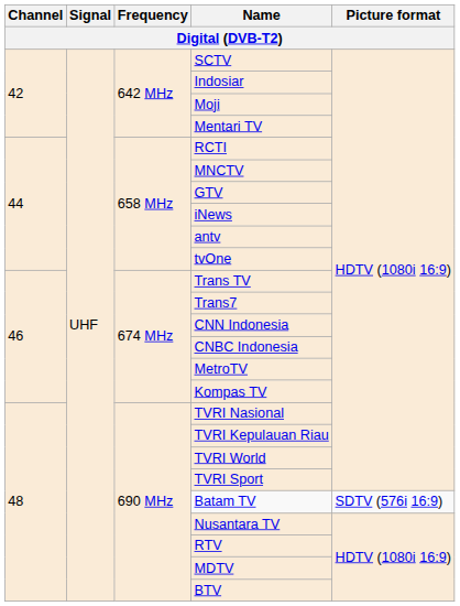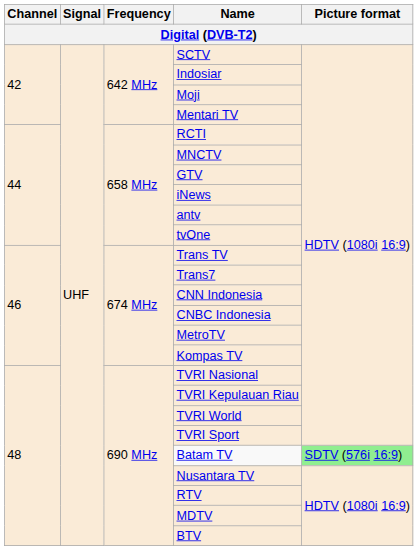 <table class="wikitable">
 <tr>
 <th>Channel</th>
 <th>Signal</th>
 <th>Frequency</th>
 <th>Name</th>
 <th>Picture format</th>
 </tr>
 <tr>
 <th colspan=5><a href='#'>Digital</a> (<a href='#'>DVB-T2</a>)</th>
 </tr>
 <tr style="background:#faebd7">
 <td rowspan=4>42</td>
 <td rowspan="25">UHF</td>
 <td rowspan=4>642 <a href='#'>MHz</a></td>
 <td><a href='#'>SCTV</a></td>
 <td rowspan="20"><a href='#'>HDTV</a> (<a href='#'>1080i</a> <a href='#'>16:9</a>)</td>
 </tr>
 <tr style="background:#faebd7">
 <td><a href='#'>Indosiar</a></td>
 </tr>
 <tr style="background:#faebd7">
 <td><a href='#'>Moji</a></td>
 </tr>
 <tr style="background:#faebd7">
 <td><a href='#'>Mentari TV</a></td>
 </tr>
 <tr style="background:#faebd7">
 <td rowspan="6">44</td>
 <td rowspan="6">658 <a href='#'>MHz</a></td>
 <td><a href='#'>RCTI</a></td>
 </tr>
 <tr style="background:#faebd7">
 <td><a href='#'>MNCTV</a></td>
 </tr>
 <tr style="background:#faebd7">
 <td><a href='#'>GTV</a></td>
 </tr>
 <tr style="background:#faebd7">
 <td><a href='#'>iNews</a></td>
 </tr>
 <tr style="background:#faebd7">
 <td><a href='#'>antv</a></td>
 </tr>
 <tr style="background:#faebd7">
 <td><a href='#'>tvOne</a></td>
 </tr>
 <tr style="background:#faebd7">
 <td rowspan="6">46</td>
 <td rowspan="6">674 <a href='#'>MHz</a></td>
 <td><a href='#'>Trans TV</a></td>
 </tr>
 <tr style="background:#faebd7">
 <td><a href='#'>Trans7</a></td>
 </tr>
 <tr style="background:#faebd7">
 <td><a href='#'>CNN Indonesia</a></td>
 </tr>
 <tr style="background:#faebd7">
 <td><a href='#'>CNBC Indonesia</a></td>
 </tr>
 <tr style="background:#faebd7">
 <td><a href='#'>MetroTV</a></td>
 </tr>
 <tr style="background:#faebd7">
 <td><a href='#'>Kompas TV</a></td>
 </tr>
 <tr style="background:#faebd7">
 <td rowspan=9>48</td>
 <td rowspan=9>690 <a href='#'>MHz</a></td>
 <td><a href='#'>TVRI Nasional</a></td>
 </tr>
 <tr style="background:#faebd7">
 <td><a href='#'>TVRI Kepulauan Riau</a></td>
 </tr>
 <tr style="background:#faebd7">
 <td><a href='#'>TVRI World</a></td>
 </tr>
 <tr style="background:#faebd7">
 <td><a href='#'>TVRI Sport</a></td>
 </tr>
 <tr>
 <td><a href='#'>Batam TV</a></td>
-<td><a href='#'>SDTV</a> (<a href='#'>576i</a> <a href='#'>16:9</a>)</td>
+<td style="background: lightgreen;"><a href='#'>SDTV</a> (<a href='#'>576i</a> <a href='#'>16:9</a>)</td>
 </tr>
 <tr style="background:#faebd7">
 <td><a href='#'>Nusantara TV</a></td>
 <td rowspan="4"><a href='#'>HDTV</a> (<a href='#'>1080i</a> <a href='#'>16:9</a>)</td>
 </tr>
 <tr style="background:#faebd7">
 <td><a href='#'>RTV</a></td>
 </tr>
 <tr style="background:#faebd7">
 <td><a href='#'>MDTV</a></td>
 </tr>
 <tr style="background:#faebd7">
 <td><a href='#'>BTV</a></td>
 </tr>
 </table>
